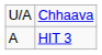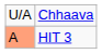 <table class="wikitable sortable" style="margin:auto; margin:auto;">
 <tr>
 <td>U/A</td>
 <td><a href='#'>Chhaava</a></td>
 </tr>
 <tr>
-<td>A</td>
+<td style="background: lightsalmon;">A</td>
 <td><a href='#'>HIT 3</a></td>
 </tr>
 </table>
